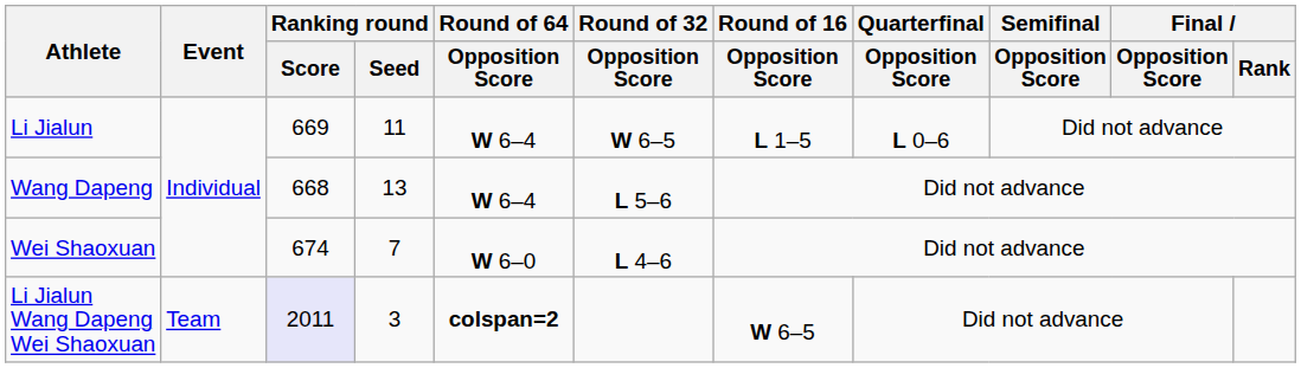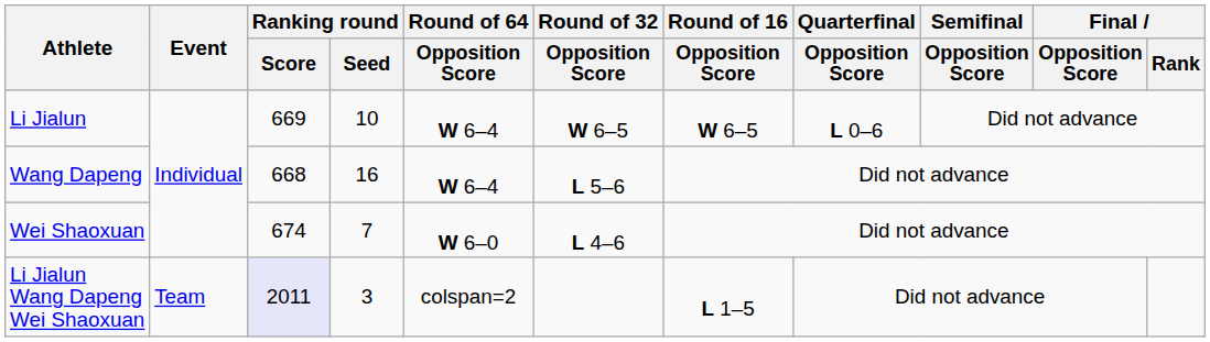 <table class="wikitable" style="font-size:90%">
 <tr>
 <th rowspan=2>Athlete</th>
 <th rowspan=2>Event</th>
 <th colspan="2">Ranking round</th>
 <th>Round of 64</th>
 <th>Round of 32</th>
 <th>Round of 16</th>
 <th>Quarterfinal</th>
 <th>Semifinal</th>
 <th colspan="2">Final / </th>
 </tr>
 <tr style="font-size:95%">
 <th>Score</th>
 <th>Seed</th>
 <th>Opposition<br>Score</th>
 <th>Opposition<br>Score</th>
 <th>Opposition<br>Score</th>
 <th>Opposition<br>Score</th>
 <th>Opposition<br>Score</th>
 <th>Opposition<br>Score</th>
 <th>Rank</th>
 </tr>
 <tr align=center>
 <td align=left><a href='#'>Li Jialun</a></td>
 <td align=left rowspan=3><a href='#'>Individual</a></td>
 <td>669</td>
-<td>11</td>
+<td>10</td>
 <td><br><strong>W</strong> 6–4</td>
 <td><br><strong>W</strong> 6–5</td>
-<td><br><strong>L</strong> 1–5</td>
+<td><br><strong>W</strong> 6–5</td>
 <td><br><strong>L</strong> 0–6</td>
 <td colspan=3>Did not advance</td>
 </tr>
 <tr align=center>
 <td align=left><a href='#'>Wang Dapeng</a></td>
 <td>668</td>
-<td>13</td>
+<td>16</td>
 <td><br><strong>W</strong> 6–4</td>
 <td><br><strong>L</strong> 5–6</td>
 <td colspan=5>Did not advance</td>
 </tr>
 <tr align=center>
 <td align=left><a href='#'>Wei Shaoxuan</a></td>
 <td>674</td>
 <td>7</td>
 <td><br><strong>W</strong> 6–0</td>
 <td><br> <strong>L</strong> 4–6</td>
 <td colspan=5>Did not advance</td>
 </tr>
 <tr align=center>
 <td align=left><a href='#'>Li Jialun</a><br><a href='#'>Wang Dapeng</a><br><a href='#'>Wei Shaoxuan</a></td>
 <td align=left><a href='#'>Team</a></td>
 <td style="background: lavender;">2011</td>
 <td>3</td>
-<td><strong>colspan=2 </strong></td>
+<td>colspan=2 </td>
 <td></td>
-<td><br><strong>W</strong> 6–5</td>
+<td><br><strong>L</strong> 1–5</td>
 <td colspan=3>Did not advance</td>
 </tr>
 </table>
